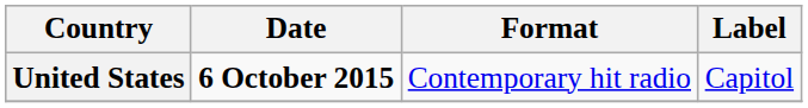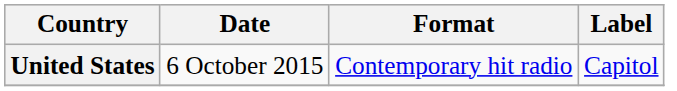 <table class="wikitable plainrowheaders">
 <tr>
 <th scope="col">Country</th>
 <th scope="col">Date</th>
 <th scope="col">Format</th>
 <th scope="col">Label</th>
 </tr>
 <tr>
 <th scope="row">United States</th>
-<td><strong>6 October 2015</strong></td>
+<td>6 October 2015</td>
 <td><a href='#'>Contemporary hit radio</a></td>
 <td><a href='#'>Capitol</a></td>
 </tr>
 <tr>
 </tr>
 </table>
